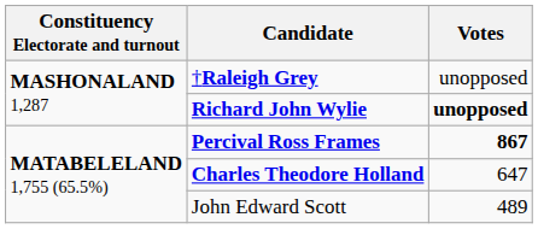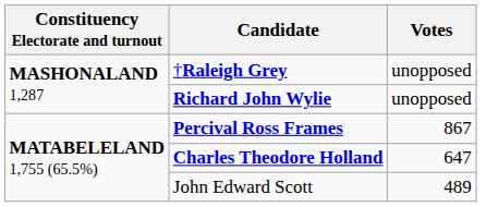 <table class=wikitable style=text-align:right>
 <tr>
 <th>Constituency<br><small>Electorate and turnout</small></th>
 <th>Candidate</th>
 <th>Votes</th>
 </tr>
 <tr>
 <td rowspan=2 align=left><strong>MASHONALAND</strong><br><small>1,287</small></td>
 <td align=left><a href='#'>†</a><strong><a href='#'>Raleigh Grey</a></strong></td>
 <td>unopposed</td>
 </tr>
 <tr>
 <td align=left><strong><a href='#'>Richard John Wylie</a></strong></td>
-<td><strong>unopposed</strong></td>
+<td>unopposed</td>
 </tr>
 <tr>
 <td rowspan=3 align=left><strong>MATABELELAND</strong><br><small>1,755 (65.5%)</small></td>
 <td align=left><strong><a href='#'>Percival Ross Frames</a></strong></td>
-<td><strong>867</strong></td>
+<td>867</td>
 </tr>
 <tr>
 <td align=left><strong><a href='#'>Charles Theodore Holland</a></strong></td>
 <td>647</td>
 </tr>
 <tr>
 <td align=left>John Edward Scott</td>
 <td>489</td>
 </tr>
 </table>
